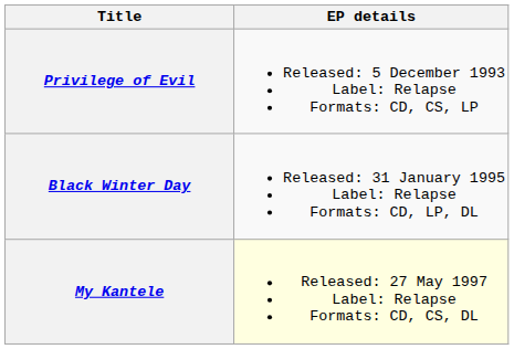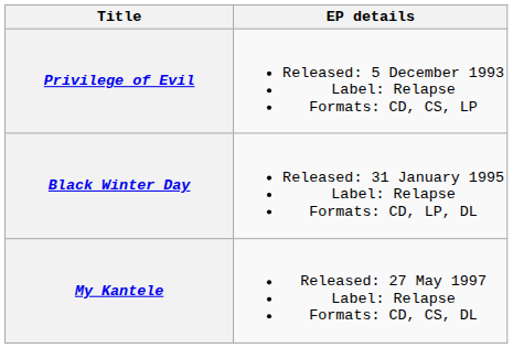 <table class="wikitable plainrowheaders" style="text-align:center;">
 <tr>
 <th scope="col" style="width:15em;">Title</th>
 <th scope="col">EP details</th>
 </tr>
 <tr>
 <th scope="row"><em><a href='#'>Privilege of Evil</a></em></th>
 <td><br><ul><li>Released: 5 December 1993</li><li>Label: Relapse</li><li>Formats: CD, CS, LP</li></ul></td>
 </tr>
 <tr>
 <th scope="row"><em><a href='#'>Black Winter Day</a></em></th>
 <td><br><ul><li>Released: 31 January 1995</li><li>Label: Relapse</li><li>Formats: CD, LP, DL</li></ul></td>
 </tr>
 <tr>
 <th scope="row"><em><a href='#'>My Kantele</a></em></th>
-<td style="background: lightyellow;"><br><ul><li>Released: 27 May 1997</li><li>Label: Relapse</li><li>Formats: CD, CS, DL</li></ul></td>
+<td><br><ul><li>Released: 27 May 1997</li><li>Label: Relapse</li><li>Formats: CD, CS, DL</li></ul></td>
 </tr>
 </table>
